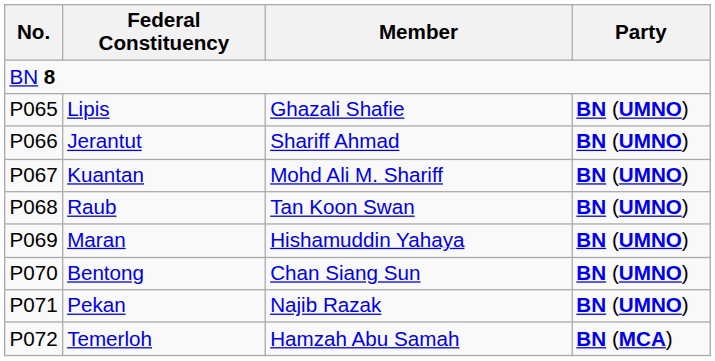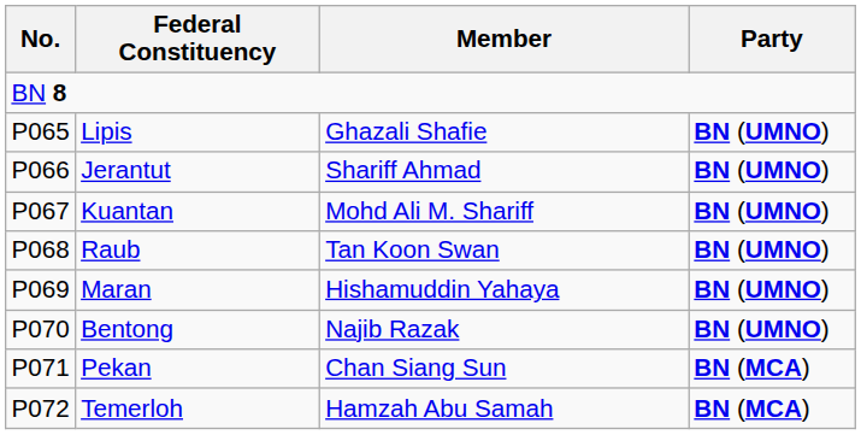 <table class="wikitable sortable">
 <tr>
 <th style="width:30px;">No.</th>
 <th style="width:150px;">Federal Constituency</th>
 <th style="width:230px;">Member</th>
 <th style="width:100px;">Party</th>
 </tr>
 <tr>
 <td colspan="4"><a href='#'>BN</a> <strong>8</strong></td>
 </tr>
 <tr>
 <td>P065</td>
 <td><a href='#'>Lipis</a></td>
 <td><a href='#'>Ghazali Shafie</a></td>
 <td><strong><a href='#'>BN</a></strong> (<strong><a href='#'>UMNO</a></strong>)</td>
 </tr>
 <tr>
 <td>P066</td>
 <td><a href='#'>Jerantut</a></td>
 <td><a href='#'>Shariff Ahmad</a></td>
 <td><strong><a href='#'>BN</a></strong> (<strong><a href='#'>UMNO</a></strong>)</td>
 </tr>
 <tr>
 <td>P067</td>
 <td><a href='#'>Kuantan</a></td>
 <td><a href='#'>Mohd Ali M. Shariff</a></td>
 <td><strong><a href='#'>BN</a></strong> (<strong><a href='#'>UMNO</a></strong>)</td>
 </tr>
 <tr>
 <td>P068</td>
 <td><a href='#'>Raub</a></td>
 <td><a href='#'>Tan Koon Swan</a></td>
 <td><strong><a href='#'>BN</a></strong> (<strong><a href='#'>UMNO</a></strong>)</td>
 </tr>
 <tr>
 <td>P069</td>
 <td><a href='#'>Maran</a></td>
 <td><a href='#'>Hishamuddin Yahaya</a></td>
 <td><strong><a href='#'>BN</a></strong> (<strong><a href='#'>UMNO</a></strong>)</td>
 </tr>
 <tr>
 <td>P070</td>
 <td><a href='#'>Bentong</a></td>
-<td><a href='#'>Chan Siang Sun</a></td>
+<td><a href='#'>Najib Razak</a></td>
 <td><strong><a href='#'>BN</a></strong> (<strong><a href='#'>UMNO</a></strong>)</td>
 </tr>
 <tr>
 <td>P071</td>
 <td><a href='#'>Pekan</a></td>
-<td><a href='#'>Najib Razak</a></td>
-<td><strong><a href='#'>BN</a></strong> (<strong><a href='#'>UMNO</a></strong>)</td>
+<td><a href='#'>Chan Siang Sun</a></td>
+<td><strong><a href='#'>BN</a></strong> (<strong><a href='#'>MCA</a></strong>)</td>
 </tr>
 <tr>
 <td>P072</td>
 <td><a href='#'>Temerloh</a></td>
 <td><a href='#'>Hamzah Abu Samah</a></td>
 <td><strong><a href='#'>BN</a></strong> (<strong><a href='#'>MCA</a></strong>)</td>
 </tr>
 </table>
